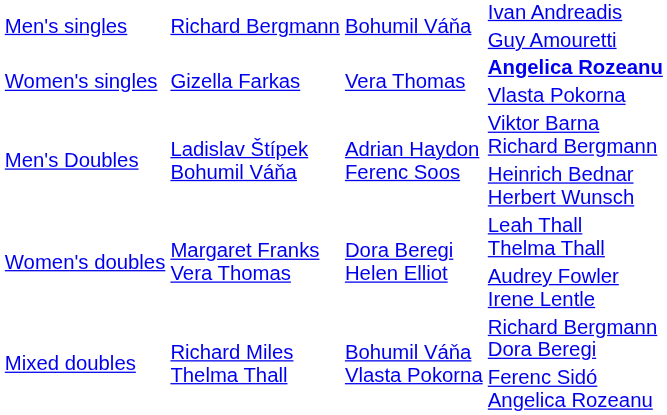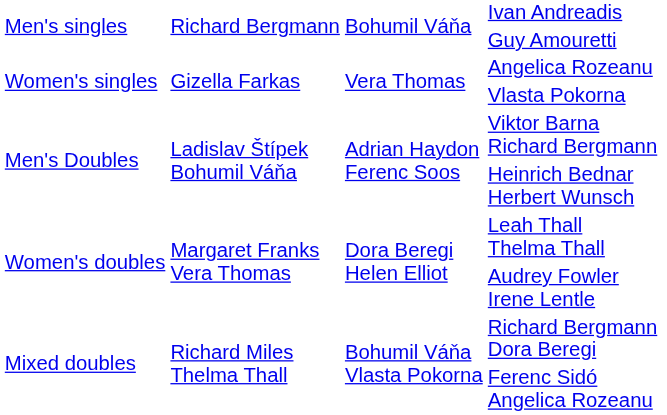 <table>
 <tr>
 <td rowspan=2><a href='#'>Men's singles</a></td>
 <td rowspan=2> <a href='#'>Richard Bergmann</a></td>
 <td rowspan=2> <a href='#'>Bohumil Váňa</a></td>
 <td> <a href='#'>Ivan Andreadis</a></td>
 </tr>
 <tr>
 <td> <a href='#'>Guy Amouretti</a></td>
 </tr>
 <tr>
 <td rowspan=2><a href='#'>Women's singles</a></td>
 <td rowspan=2> <a href='#'>Gizella Farkas</a></td>
 <td rowspan=2> <a href='#'>Vera Thomas</a></td>
-<td><strong> <a href='#'>Angelica Rozeanu</a></strong></td>
+<td> <a href='#'>Angelica Rozeanu</a></td>
 </tr>
 <tr>
 <td> <a href='#'>Vlasta Pokorna</a></td>
 </tr>
 <tr>
 <td rowspan=2><a href='#'>Men's Doubles</a></td>
 <td rowspan=2> <a href='#'>Ladislav Štípek</a><br> <a href='#'>Bohumil Váňa</a></td>
 <td rowspan=2> <a href='#'>Adrian Haydon</a><br> <a href='#'>Ferenc Soos</a></td>
 <td> <a href='#'>Viktor Barna</a><br> <a href='#'>Richard Bergmann</a></td>
 </tr>
 <tr>
 <td> <a href='#'>Heinrich Bednar</a><br> <a href='#'>Herbert Wunsch</a></td>
 </tr>
 <tr>
 <td rowspan=2><a href='#'>Women's doubles</a></td>
 <td rowspan=2> <a href='#'>Margaret Franks</a><br> <a href='#'>Vera Thomas</a></td>
 <td rowspan=2> <a href='#'>Dora Beregi</a><br> <a href='#'>Helen Elliot</a></td>
 <td> <a href='#'>Leah Thall</a><br> <a href='#'>Thelma Thall</a></td>
 </tr>
 <tr>
 <td> <a href='#'>Audrey Fowler</a><br> <a href='#'>Irene Lentle</a></td>
 </tr>
 <tr>
 <td rowspan=2><a href='#'>Mixed doubles</a></td>
 <td rowspan=2> <a href='#'>Richard Miles</a><br> <a href='#'>Thelma Thall</a></td>
 <td rowspan=2> <a href='#'>Bohumil Váňa</a><br> <a href='#'>Vlasta Pokorna</a></td>
 <td> <a href='#'>Richard Bergmann</a><br> <a href='#'>Dora Beregi</a></td>
 </tr>
 <tr>
 <td> <a href='#'>Ferenc Sidó</a><br> <a href='#'>Angelica Rozeanu</a></td>
 </tr>
 </table>
